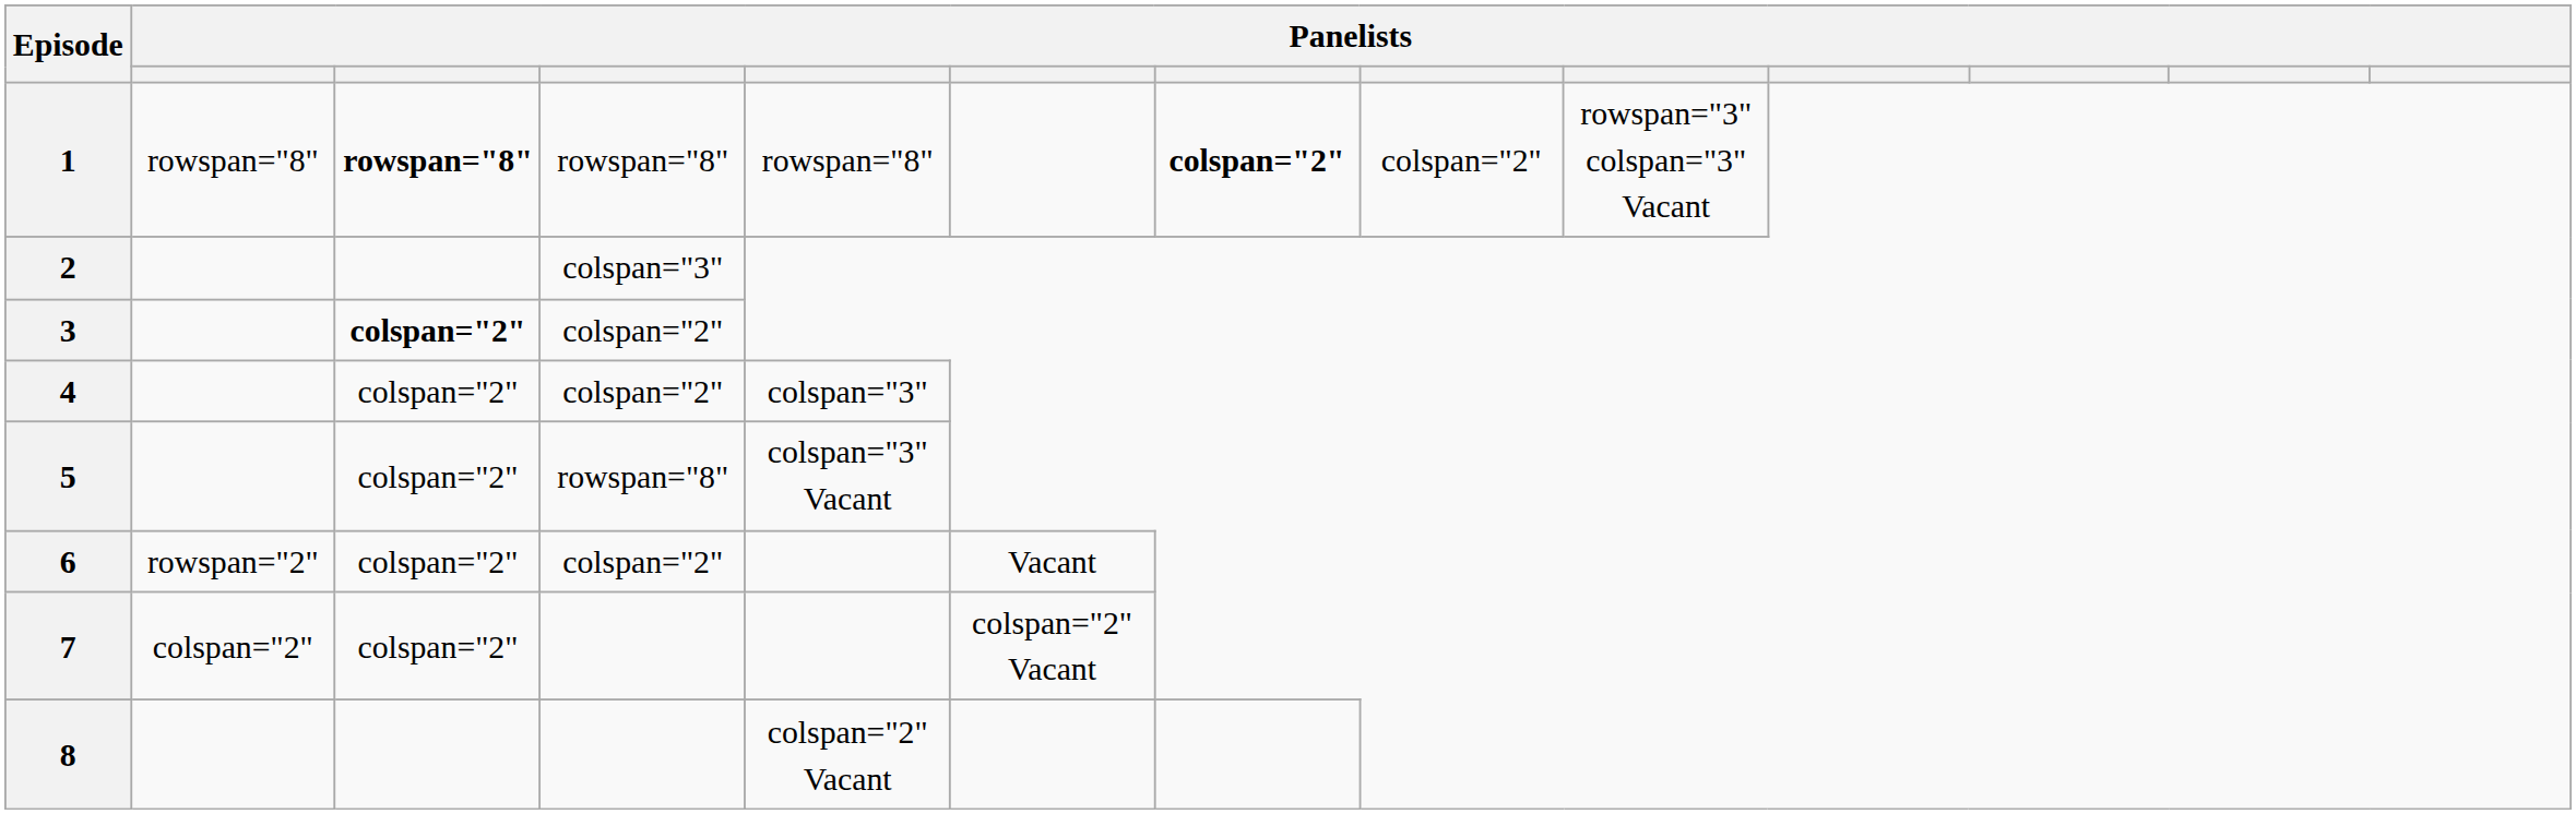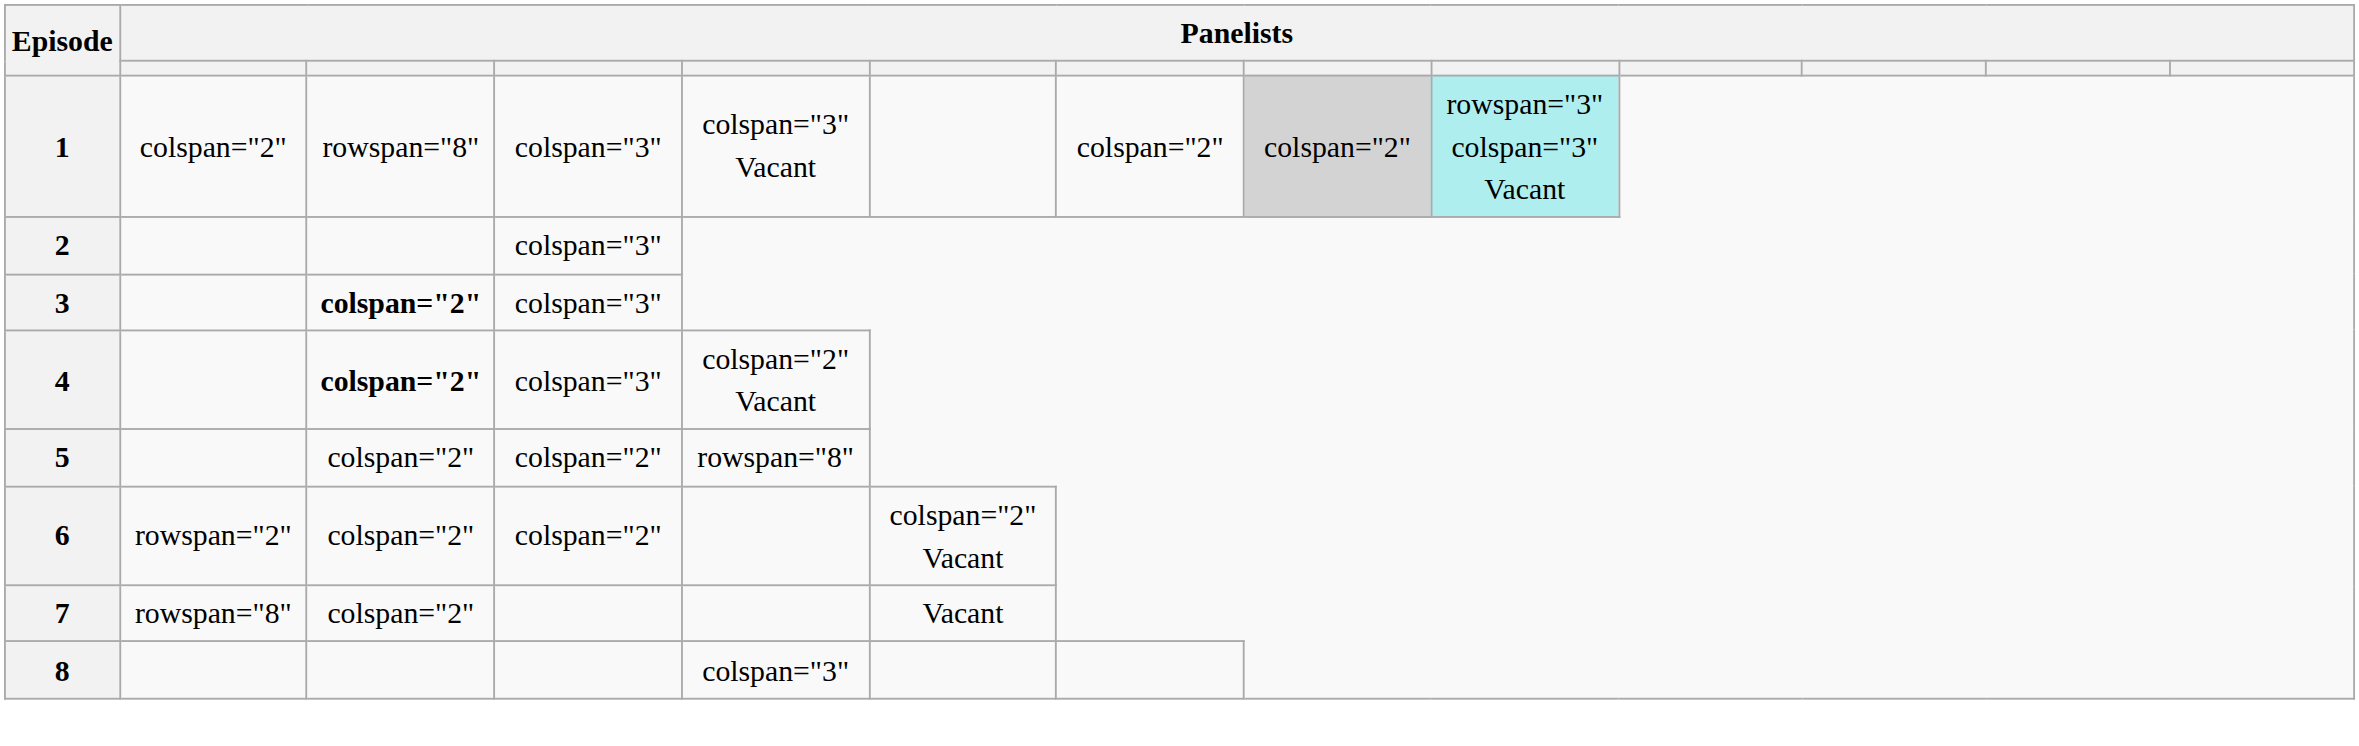 <table class="wikitable plainrowheaders mw-collapsible" style="text-align:center; line-height:23px; width:100%;">
 <tr>
 <th rowspan="2" width="1%">Episode</th>
 <th colspan="12">Panelists</th>
 </tr>
 <tr>
 <th width="8%"></th>
 <th width="8%"></th>
 <th width="8%"></th>
 <th width="8%"></th>
 <th width="8%"></th>
 <th width="8%"></th>
 <th width="8%"></th>
 <th width="8%"></th>
 <th width="8%"></th>
 <th width="8%"></th>
 <th width="8%"></th>
 <th width="8%"></th>
 </tr>
 <tr>
 <th>1</th>
+<td>colspan="2" </td>
 <td>rowspan="8" </td>
-<td><strong>rowspan="8" </strong></td>
-<td>rowspan="8" </td>
-<td>rowspan="8" </td>
+<td>colspan="3" </td>
+<td>colspan="3"  Vacant</td>
 <td></td>
-<td><strong>colspan="2" </strong></td>
 <td>colspan="2" </td>
-<td>rowspan="3" colspan="3"  Vacant</td>
+<td style="background: lightgrey;">colspan="2" </td>
+<td style="background: paleturquoise;">rowspan="3" colspan="3"  Vacant</td>
 </tr>
 <tr>
 <th>2</th>
 <td></td>
 <td></td>
 <td>colspan="3" </td>
 </tr>
 <tr>
 <th>3</th>
 <td></td>
 <td><strong>colspan="2" </strong></td>
-<td>colspan="2" </td>
+<td>colspan="3" </td>
 </tr>
 <tr>
 <th>4</th>
 <td></td>
-<td>colspan="2" </td>
-<td>colspan="2" </td>
+<td><strong>colspan="2" </strong></td>
 <td>colspan="3" </td>
+<td>colspan="2"  Vacant</td>
 </tr>
 <tr>
 <th>5</th>
 <td></td>
 <td>colspan="2" </td>
+<td>colspan="2" </td>
 <td>rowspan="8" </td>
-<td>colspan="3"  Vacant</td>
 </tr>
 <tr>
 <th>6</th>
 <td>rowspan="2" </td>
 <td>colspan="2" </td>
 <td>colspan="2" </td>
 <td></td>
-<td> Vacant</td>
+<td>colspan="2"  Vacant</td>
 </tr>
 <tr>
 <th>7</th>
-<td>colspan="2" </td>
+<td>rowspan="8" </td>
 <td>colspan="2" </td>
 <td></td>
 <td></td>
-<td>colspan="2"  Vacant</td>
+<td> Vacant</td>
 </tr>
 <tr>
 <th>8</th>
 <td></td>
 <td></td>
 <td></td>
-<td>colspan="2"  Vacant</td>
+<td>colspan="3" </td>
 <td></td>
 <td></td>
 </tr>
 </table>
